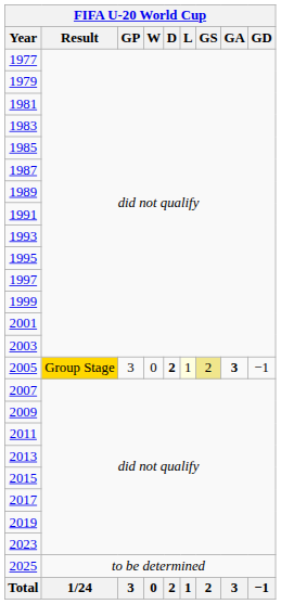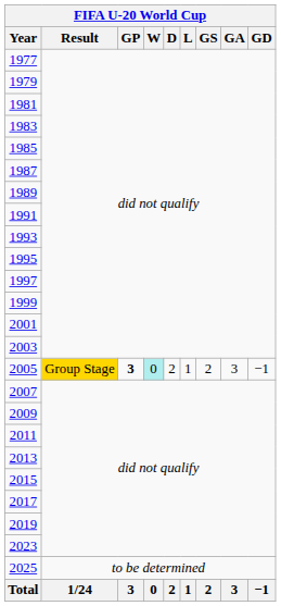 <table class="wikitable" style="text-align: center;">
 <tr>
 <th colspan=9><a href='#'>FIFA U-20 World Cup</a></th>
 </tr>
 <tr>
 <th>Year</th>
 <th>Result</th>
 <th>GP</th>
 <th>W</th>
 <th>D</th>
 <th>L</th>
 <th>GS</th>
 <th>GA</th>
 <th>GD</th>
 </tr>
 <tr>
 <td> <a href='#'>1977</a></td>
 <td colspan=8 rowspan=14><em>did not qualify</em></td>
 </tr>
 <tr>
 <td> <a href='#'>1979</a></td>
 </tr>
 <tr>
 <td> <a href='#'>1981</a></td>
 </tr>
 <tr>
 <td> <a href='#'>1983</a></td>
 </tr>
 <tr>
 <td> <a href='#'>1985</a></td>
 </tr>
 <tr>
 <td> <a href='#'>1987</a></td>
 </tr>
 <tr>
 <td> <a href='#'>1989</a></td>
 </tr>
 <tr>
 <td> <a href='#'>1991</a></td>
 </tr>
 <tr>
 <td> <a href='#'>1993</a></td>
 </tr>
 <tr>
 <td> <a href='#'>1995</a></td>
 </tr>
 <tr>
 <td> <a href='#'>1997</a></td>
 </tr>
 <tr>
 <td> <a href='#'>1999</a></td>
 </tr>
 <tr>
 <td> <a href='#'>2001</a></td>
 </tr>
 <tr>
 <td> <a href='#'>2003</a></td>
 </tr>
 <tr>
 <td> <a href='#'>2005</a></td>
 <td style="background: gold;">Group Stage</td>
+<td><strong>3</strong></td>
+<td style="background: paleturquoise;">0</td>
+<td>2</td>
+<td>1</td>
+<td>2</td>
 <td>3</td>
-<td>0</td>
-<td><strong>2</strong></td>
-<td style="background: lightyellow;">1</td>
-<td style="background: khaki;">2</td>
-<td><strong>3</strong></td>
 <td>−1</td>
 </tr>
 <tr>
 <td> <a href='#'>2007</a></td>
 <td colspan=8 rowspan=8><em>did not qualify</em></td>
 </tr>
 <tr>
 <td> <a href='#'>2009</a></td>
 </tr>
 <tr>
 <td> <a href='#'>2011</a></td>
 </tr>
 <tr>
 <td> <a href='#'>2013</a></td>
 </tr>
 <tr>
 <td> <a href='#'>2015</a></td>
 </tr>
 <tr>
 <td> <a href='#'>2017</a></td>
 </tr>
 <tr>
 <td> <a href='#'>2019</a></td>
 </tr>
 <tr>
 <td> <a href='#'>2023</a></td>
 </tr>
 <tr>
 <td> <a href='#'>2025</a></td>
 <td colspan=8><em>to be determined</em></td>
 </tr>
 <tr>
 <th>Total</th>
 <th>1/24</th>
 <th>3</th>
 <th>0</th>
 <th>2</th>
 <th>1</th>
 <th>2</th>
 <th>3</th>
 <th>−1</th>
 </tr>
 </table>
